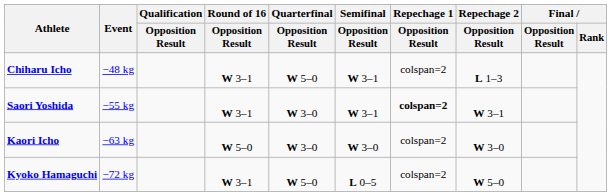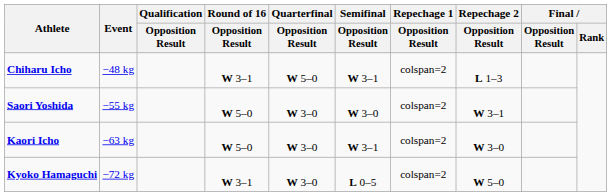 <table class="wikitable" style="font-size:90%;">
 <tr>
 <th rowspan="2">Athlete</th>
 <th rowspan="2">Event</th>
 <th>Qualification</th>
 <th>Round of 16</th>
 <th>Quarterfinal</th>
 <th>Semifinal</th>
 <th>Repechage 1</th>
 <th>Repechage 2</th>
 <th colspan=2>Final / </th>
 </tr>
 <tr style="font-size: 95%">
 <th>Opposition<br>Result</th>
 <th>Opposition<br>Result</th>
 <th>Opposition<br>Result</th>
 <th>Opposition<br>Result</th>
 <th>Opposition<br>Result</th>
 <th>Opposition<br>Result</th>
 <th>Opposition<br>Result</th>
 <th>Rank</th>
 </tr>
 <tr align=center>
 <td align=left><strong><a href='#'>Chiharu Icho</a></strong></td>
 <td align=left><a href='#'>−48 kg</a></td>
 <td></td>
 <td><br><strong>W</strong> 3–1 <sup></sup></td>
 <td><br><strong>W</strong> 5–0 <sup></sup></td>
 <td><br><strong>W</strong> 3–1 <sup></sup></td>
 <td>colspan=2 </td>
 <td><br><strong>L</strong> 1–3 <sup></sup></td>
 <td></td>
 </tr>
 <tr align=center>
 <td align=left><strong><a href='#'>Saori Yoshida</a></strong></td>
 <td align=left><a href='#'>−55 kg</a></td>
 <td></td>
-<td><br><strong>W</strong> 3–1 <sup></sup></td>
+<td><br><strong>W</strong> 5–0 <sup></sup></td>
 <td><br><strong>W</strong> 3–0 <sup></sup></td>
-<td><br><strong>W</strong> 3–1 <sup></sup></td>
-<td><strong>colspan=2 </strong></td>
+<td><br><strong>W</strong> 3–0 <sup></sup></td>
+<td>colspan=2 </td>
 <td><br><strong>W</strong> 3–1 <sup></sup></td>
 <td></td>
 </tr>
 <tr align=center>
 <td align=left><strong><a href='#'>Kaori Icho</a></strong></td>
 <td align=left><a href='#'>−63 kg</a></td>
 <td></td>
 <td><br><strong>W</strong> 5–0 <sup></sup></td>
 <td><br><strong>W</strong> 3–0 <sup></sup></td>
-<td><br><strong>W</strong> 3–0 <sup></sup></td>
+<td><br><strong>W</strong> 3–1 <sup></sup></td>
 <td>colspan=2 </td>
 <td><br><strong>W</strong> 3–0 <sup></sup></td>
 <td></td>
 </tr>
 <tr align=center>
 <td align=left><strong><a href='#'>Kyoko Hamaguchi</a></strong></td>
 <td align=left><a href='#'>−72 kg</a></td>
 <td></td>
 <td><br><strong>W</strong> 3–1 <sup></sup></td>
-<td><br><strong>W</strong> 5–0 <sup></sup></td>
+<td><br><strong>W</strong> 3–0 <sup></sup></td>
 <td><br><strong>L</strong> 0–5 <sup></sup></td>
 <td>colspan=2 </td>
 <td><br><strong>W</strong> 5–0 <sup></sup></td>
 <td></td>
 </tr>
 </table>
